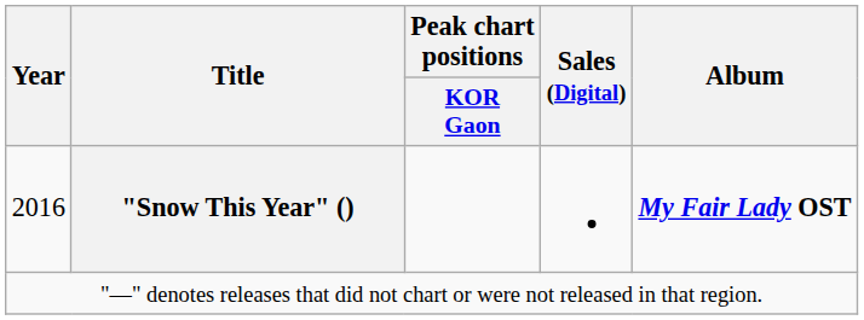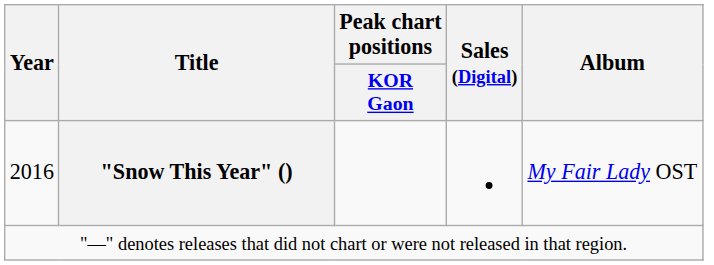 <table class="wikitable plainrowheaders" style="text-align:center;">
 <tr>
 <th rowspan="2">Year</th>
 <th rowspan="2" style="width:12em;">Title</th>
 <th>Peak chart<br>positions</th>
 <th rowspan="2">Sales<br><small>(<a href='#'>Digital</a>)</small></th>
 <th rowspan="2">Album</th>
 </tr>
 <tr>
 <th style="font-size:90%;"><a href='#'>KOR<br>Gaon</a><br></th>
 </tr>
 <tr>
 <td>2016</td>
 <th scope="row">"Snow This Year" ()</th>
 <td></td>
 <td><br><ul><li></li></ul></td>
-<td><strong><em> <a href='#'>My Fair Lady</a></em> OST</strong></td>
+<td><em> <a href='#'>My Fair Lady</a></em> OST</td>
 </tr>
 <tr>
 <td colspan="5"><small>"—" denotes releases that did not chart or were not released in that region.</small></td>
 </tr>
 </table>
